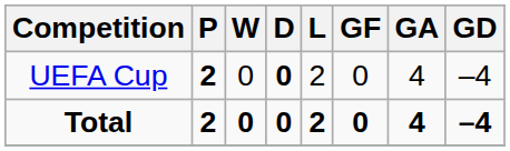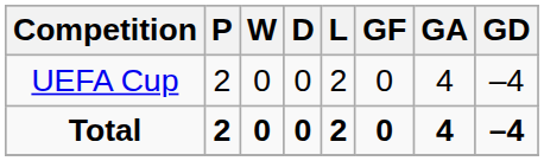 <table class="wikitable sortable" style="text-align:center">
 <tr>
 <th>Competition</th>
 <th>P</th>
 <th>W</th>
 <th>D</th>
 <th>L</th>
 <th>GF</th>
 <th>GA</th>
 <th>GD</th>
 </tr>
 <tr>
 <td><a href='#'>UEFA Cup</a></td>
-<td><strong>2</strong></td>
+<td>2</td>
 <td>0</td>
-<td><strong>0</strong></td>
+<td>0</td>
 <td>2</td>
 <td>0</td>
 <td>4</td>
 <td>–4</td>
 </tr>
 <tr>
 <td><strong>Total</strong></td>
 <td><strong>2</strong></td>
 <td><strong>0</strong></td>
 <td><strong>0</strong></td>
 <td><strong>2</strong></td>
 <td><strong>0</strong></td>
 <td><strong>4</strong></td>
 <td><strong>–4</strong></td>
 </tr>
 <tr>
 </tr>
 </table>
